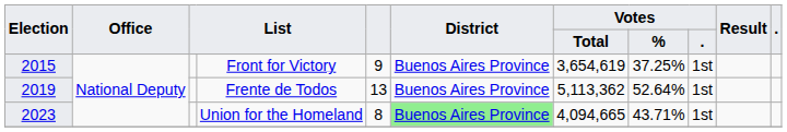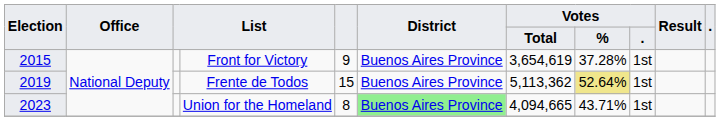 <table class="wikitable" style="font-size:90%; text-align:center;">
 <tr>
 <th style="background-color:#EAECF0;" rowspan=2>Election</th>
 <th style="background-color:#EAECF0;" rowspan=2>Office</th>
 <th style="background-color:#EAECF0;" colspan=2 rowspan=2>List</th>
 <th style="background-color:#EAECF0;" rowspan=2></th>
 <th style="background-color:#EAECF0;" rowspan=2>District</th>
 <th style="background-color:#EAECF0;" colspan=3>Votes</th>
 <th style="background-color:#EAECF0;" rowspan=2>Result</th>
 <th style="background-color:#EAECF0;" rowspan=2>.</th>
 </tr>
 <tr>
 <th style="background-color:#EAECF0;">Total</th>
 <th style="background-color:#EAECF0;">%</th>
 <th style="background-color:#EAECF0;">.</th>
 </tr>
 <tr>
 <td style="background-color:#EAECF0;"><a href='#'>2015</a></td>
 <td rowspan="3"><a href='#'>National Deputy</a></td>
 <td style="background-color:"></td>
 <td><a href='#'>Front for Victory</a></td>
 <td>9</td>
 <td><a href='#'>Buenos Aires Province</a></td>
 <td>3,654,619</td>
-<td>37.25%</td>
+<td>37.28%</td>
 <td>1st</td>
 <td></td>
 <td></td>
 </tr>
 <tr>
 <td style="background-color:#EAECF0;"><a href='#'>2019</a></td>
 <td style="background-color:"></td>
 <td><a href='#'>Frente de Todos</a></td>
-<td>13</td>
+<td>15</td>
 <td><a href='#'>Buenos Aires Province</a></td>
 <td>5,113,362</td>
-<td>52.64%</td>
+<td style="background: khaki;">52.64%</td>
 <td>1st</td>
 <td></td>
 <td></td>
 </tr>
 <tr>
 <td style="background-color:#EAECF0;"><a href='#'>2023</a></td>
 <td style="background-color:"></td>
 <td><a href='#'>Union for the Homeland</a></td>
 <td>8</td>
 <td style="background: lightgreen;"><a href='#'>Buenos Aires Province</a></td>
 <td>4,094,665</td>
 <td>43.71%</td>
 <td>1st</td>
 <td></td>
 <td></td>
 </tr>
 <tr>
 </tr>
 </table>
